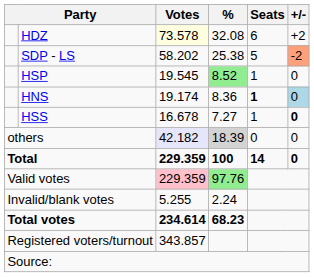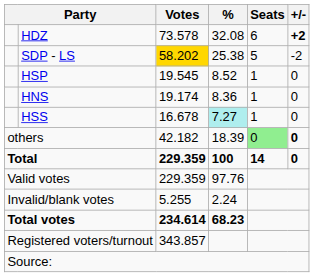 <table class="wikitable" style="text-align: left;">
 <tr>
 <th colspan="2">Party</th>
 <th>Votes</th>
 <th>%</th>
 <th>Seats</th>
 <th>+/-</th>
 </tr>
 <tr>
 <td style="background-color: "></td>
 <td><a href='#'>HDZ</a></td>
-<td style="background: lightyellow;">73.578</td>
+<td>73.578</td>
 <td>32.08</td>
 <td>6</td>
-<td>+2</td>
+<td><strong>+2</strong></td>
 </tr>
 <tr>
 <td style="background-color: "></td>
 <td><a href='#'>SDP</a> - <a href='#'>LS</a></td>
-<td>58.202</td>
+<td style="background: gold;">58.202</td>
 <td>25.38</td>
 <td>5</td>
-<td style="background: lightsalmon;">-2</td>
+<td>-2</td>
 </tr>
 <tr>
 <td style="background-color: "></td>
 <td><a href='#'>HSP</a></td>
 <td>19.545</td>
-<td style="background: lightgreen;">8.52</td>
+<td>8.52</td>
 <td>1</td>
 <td>0</td>
 </tr>
 <tr>
 <td style="background-color: "></td>
 <td><a href='#'>HNS</a></td>
 <td>19.174</td>
 <td>8.36</td>
-<td><strong>1</strong></td>
-<td style="background: lightblue;">0</td>
+<td>1</td>
+<td>0</td>
 </tr>
 <tr>
 <td style="background-color: "></td>
 <td><a href='#'>HSS</a></td>
 <td>16.678</td>
-<td>7.27</td>
+<td style="background: paleturquoise;">7.27</td>
 <td>1</td>
-<td><strong>0</strong></td>
+<td>0</td>
 </tr>
 <tr>
 <td colspan="2">others</td>
-<td style="background: lavender;">42.182</td>
-<td style="background: lightgrey;">18.39</td>
-<td>0</td>
-<td>0</td>
+<td>42.182</td>
+<td>18.39</td>
+<td style="background: lightgreen;">0</td>
+<td><strong>0</strong></td>
 </tr>
 <tr>
 <td colspan="2"><strong>Total</strong></td>
 <td><strong>229.359</strong></td>
 <td><strong>100</strong></td>
 <td><strong>14</strong></td>
 <td><strong>0</strong></td>
 </tr>
 <tr>
 <td colspan="2">Valid votes</td>
-<td style="background: pink;">229.359</td>
-<td style="background: lightgreen;">97.76</td>
+<td>229.359</td>
+<td>97.76</td>
 <td colspan="2"></td>
 </tr>
 <tr>
 <td colspan="2">Invalid/blank votes</td>
 <td>5.255</td>
 <td>2.24</td>
 <td colspan="2"></td>
 </tr>
 <tr>
 <td colspan="2"><strong>Total votes</strong></td>
 <td><strong>234.614</strong></td>
 <td><strong>68.23</strong></td>
 <td colspan="2"></td>
 </tr>
 <tr>
 <td colspan="2">Registered voters/turnout</td>
 <td votes14="5343">343.857</td>
 <td></td>
 <td colspan="2"></td>
 </tr>
 <tr>
 <td colspan="6">Source: </td>
 </tr>
 </table>
